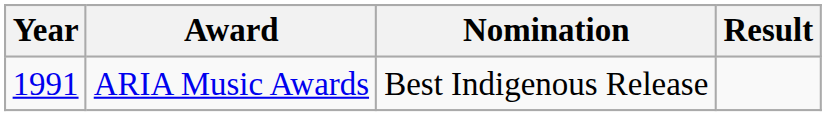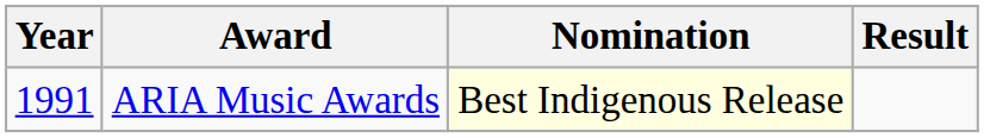 <table class="wikitable">
 <tr>
 <th>Year</th>
 <th>Award</th>
 <th>Nomination</th>
 <th>Result</th>
 </tr>
 <tr>
 <td rowspan="4"><a href='#'>1991</a></td>
 <td rowspan="1"><a href='#'>ARIA Music Awards</a></td>
-<td>Best Indigenous Release</td>
+<td style="background: lightyellow;">Best Indigenous Release</td>
 <td></td>
 </tr>
 </table>
